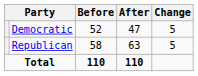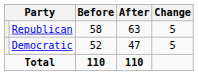 <table class="wikitable" style="text-align:center;">
 <tr>
 <th colspan="2">Party</th>
 <th>Before</th>
 <th>After</th>
 <th>Change</th>
 </tr>
 <tr>
 <th style="background-color:"></th>
-<td style="text-align:left;"><a href='#'>Democratic</a></td>
-<td>52</td>
-<td>47</td>
+<td style="text-align:left;"><a href='#'>Republican</a></td>
+<td>58</td>
+<td>63</td>
 <td> 5</td>
 </tr>
 <tr>
 <th style="background-color:"></th>
-<td style="text-align:left;"><a href='#'>Republican</a></td>
-<td>58</td>
-<td>63</td>
+<td style="text-align:left;"><a href='#'>Democratic</a></td>
+<td>52</td>
+<td>47</td>
 <td> 5</td>
 </tr>
 <tr>
 <td colspan="2"><strong>Total</strong></td>
 <td><strong>110</strong></td>
 <td><strong>110</strong></td>
 <td></td>
 </tr>
 </table>
